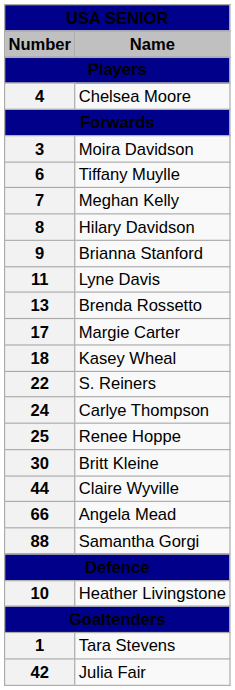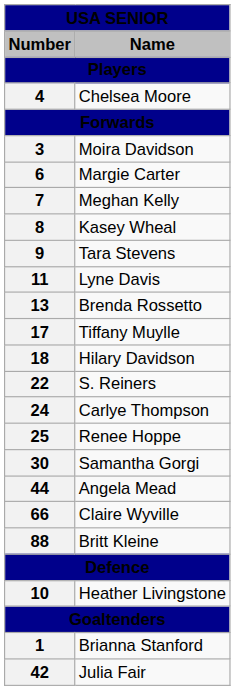 <table class="wikitable" style="text-align:left; font-size:90%;">
 <tr>
 <th style=background:DarkBlue colspan=4><span>USA SENIOR</span></th>
 </tr>
 <tr>
 <th width=10 style="background:silver;">Number</th>
 <th style="background:silver;">Name</th>
 </tr>
 <tr>
 <th style=background:DarkBlue colspan=4><span>Players</span></th>
 </tr>
 <tr>
 <th>4</th>
 <td>Chelsea Moore</td>
 </tr>
 <tr>
 <th style=background:DarkBlue colspan=4><span>Forwards</span></th>
 </tr>
 <tr>
 <th>3</th>
 <td>Moira Davidson</td>
 </tr>
 <tr>
 <th>6</th>
-<td>Tiffany Muylle</td>
+<td>Margie Carter</td>
 </tr>
 <tr>
 <th>7</th>
 <td>Meghan Kelly</td>
 </tr>
 <tr>
 <th>8</th>
-<td>Hilary Davidson</td>
+<td>Kasey Wheal</td>
 </tr>
 <tr>
 <th>9</th>
-<td>Brianna Stanford</td>
+<td>Tara Stevens</td>
 </tr>
 <tr>
 <th>11</th>
 <td>Lyne Davis</td>
 </tr>
 <tr>
 <th>13</th>
 <td>Brenda Rossetto</td>
 </tr>
 <tr>
 <th>17</th>
-<td>Margie Carter</td>
+<td>Tiffany Muylle</td>
 </tr>
 <tr>
 <th>18</th>
-<td>Kasey Wheal</td>
+<td>Hilary Davidson</td>
 </tr>
 <tr>
 <th>22</th>
 <td>S. Reiners</td>
 </tr>
 <tr>
 <th>24</th>
 <td>Carlye Thompson</td>
 </tr>
 <tr>
 <th>25</th>
 <td>Renee Hoppe</td>
 </tr>
 <tr>
 <th>30</th>
-<td>Britt Kleine</td>
+<td>Samantha Gorgi</td>
 </tr>
 <tr>
 <th>44</th>
+<td>Angela Mead</td>
+</tr>
+<tr>
+<th>66</th>
 <td>Claire Wyville</td>
 </tr>
 <tr>
-<th>66</th>
-<td>Angela Mead</td>
-</tr>
-<tr>
 <th>88</th>
-<td>Samantha Gorgi</td>
+<td>Britt Kleine</td>
 </tr>
 <tr>
 <th style=background:DarkBlue colspan=4><span>Defence</span></th>
 </tr>
 <tr>
 <th>10</th>
 <td>Heather Livingstone</td>
 </tr>
 <tr>
 <th style=background:DarkBlue colspan=4><span>Goaltenders</span></th>
 </tr>
 <tr>
 <th>1</th>
-<td>Tara Stevens</td>
+<td>Brianna Stanford</td>
 </tr>
 <tr>
 <th>42</th>
 <td>Julia Fair</td>
 </tr>
 </table>
